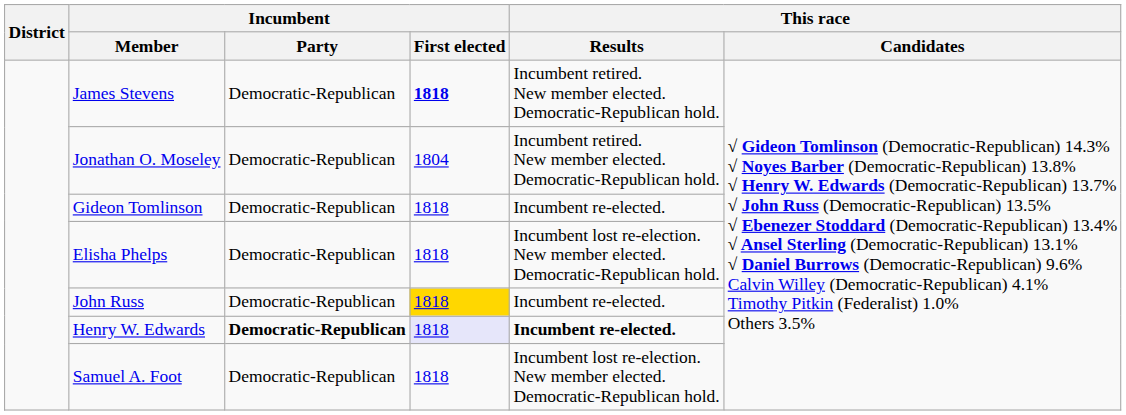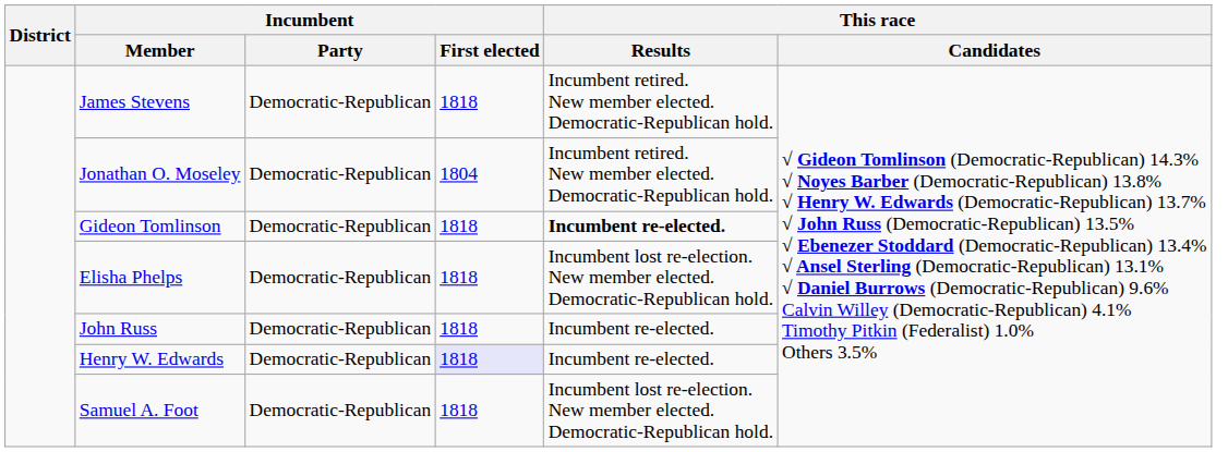 <table class=wikitable>
 <tr>
 <th rowspan=2>District</th>
 <th colspan=3>Incumbent</th>
 <th colspan=2>This race</th>
 </tr>
 <tr>
 <th>Member</th>
 <th>Party</th>
 <th>First elected</th>
 <th>Results</th>
 <th>Candidates</th>
 </tr>
 <tr>
 <td rowspan=7><br></td>
 <td><a href='#'>James Stevens</a></td>
 <td>Democratic-Republican</td>
-<td><strong><a href='#'>1818</a></strong></td>
+<td><a href='#'>1818</a></td>
 <td>Incumbent retired.<br>New member elected.<br>Democratic-Republican hold.</td>
 <td rowspan=7 nowrap><strong>√ <a href='#'>Gideon Tomlinson</a></strong> (Democratic-Republican) 14.3%<br><strong>√ <a href='#'>Noyes Barber</a></strong> (Democratic-Republican) 13.8%<br><strong>√ <a href='#'>Henry W. Edwards</a></strong> (Democratic-Republican) 13.7%<br><strong>√ <a href='#'>John Russ</a></strong> (Democratic-Republican) 13.5%<br><strong>√ <a href='#'>Ebenezer Stoddard</a></strong> (Democratic-Republican) 13.4%<br><strong>√ <a href='#'>Ansel Sterling</a></strong> (Democratic-Republican) 13.1%<br><strong>√ <a href='#'>Daniel Burrows</a></strong> (Democratic-Republican) 9.6%<br><a href='#'>Calvin Willey</a> (Democratic-Republican) 4.1%<br><a href='#'>Timothy Pitkin</a> (Federalist) 1.0%<br>Others 3.5%</td>
 </tr>
 <tr>
 <td><a href='#'>Jonathan O. Moseley</a></td>
 <td>Democratic-Republican</td>
 <td><a href='#'>1804</a></td>
 <td>Incumbent retired.<br>New member elected.<br>Democratic-Republican hold.</td>
 </tr>
 <tr>
 <td><a href='#'>Gideon Tomlinson</a></td>
 <td>Democratic-Republican</td>
 <td><a href='#'>1818</a></td>
-<td>Incumbent re-elected.</td>
+<td><strong>Incumbent re-elected.</strong></td>
 </tr>
 <tr>
 <td><a href='#'>Elisha Phelps</a></td>
 <td>Democratic-Republican</td>
 <td><a href='#'>1818</a></td>
 <td>Incumbent lost re-election.<br>New member elected.<br>Democratic-Republican hold.</td>
 </tr>
 <tr>
 <td><a href='#'>John Russ</a></td>
 <td>Democratic-Republican</td>
-<td style="background: gold;"><a href='#'>1818</a></td>
+<td><a href='#'>1818</a></td>
 <td>Incumbent re-elected.</td>
 </tr>
 <tr>
 <td><a href='#'>Henry W. Edwards</a></td>
-<td><strong>Democratic-Republican</strong></td>
+<td>Democratic-Republican</td>
 <td style="background: lavender;"><a href='#'>1818</a></td>
-<td><strong>Incumbent re-elected.</strong></td>
+<td>Incumbent re-elected.</td>
 </tr>
 <tr>
 <td><a href='#'>Samuel A. Foot</a></td>
 <td>Democratic-Republican</td>
 <td><a href='#'>1818</a></td>
 <td>Incumbent lost re-election.<br>New member elected.<br>Democratic-Republican hold.</td>
 </tr>
 </table>
